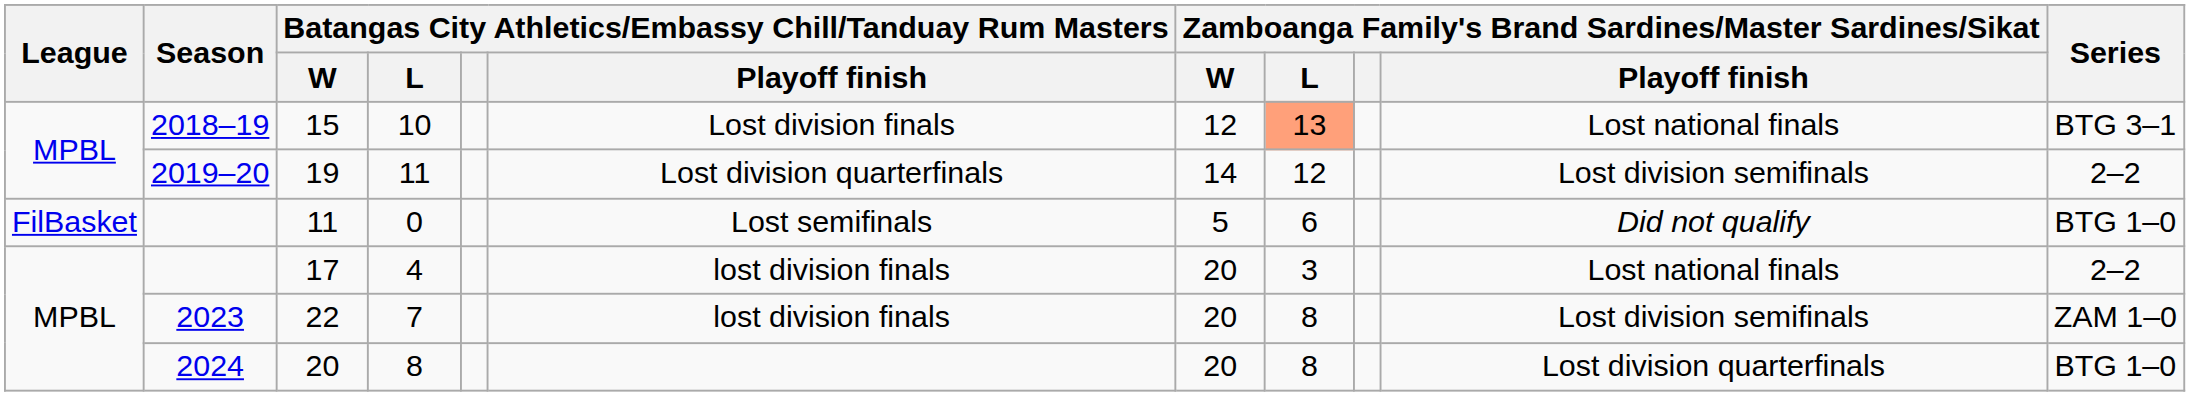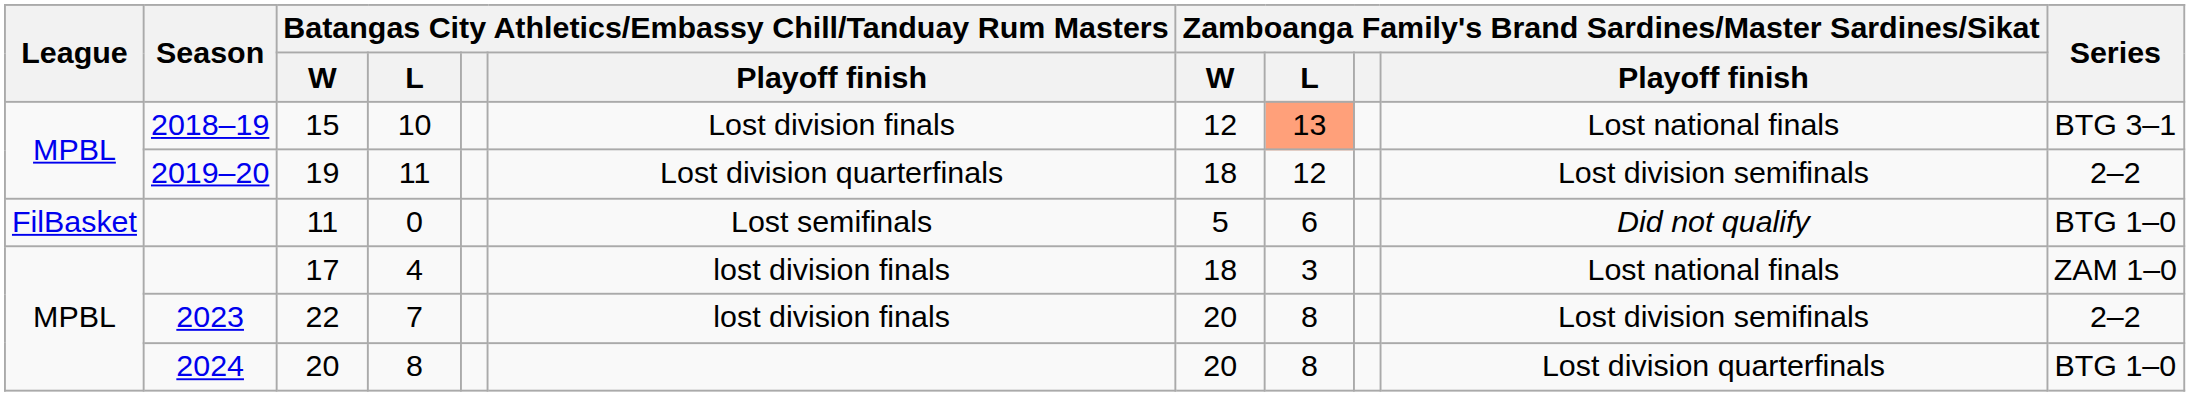 <table class="wikitable sortable" style="text-align:center">
 <tr>
 <th rowspan=2>League</th>
 <th rowspan=2>Season</th>
 <th colspan=4 class="unsortable">Batangas City Athletics/Embassy Chill/Tanduay Rum Masters</th>
 <th colspan=4 class="unsortable">Zamboanga Family's Brand Sardines/Master Sardines/Sikat</th>
 <th rowspan=2>Series</th>
 </tr>
 <tr>
 <th>W</th>
 <th>L</th>
 <th></th>
 <th class="unsortable">Playoff finish</th>
 <th>W</th>
 <th>L</th>
 <th></th>
 <th class="unsortable">Playoff finish</th>
 </tr>
 <tr>
 <td rowspan=2><a href='#'>MPBL</a></td>
 <td><a href='#'>2018–19</a></td>
 <td>15</td>
 <td>10</td>
 <td></td>
 <td>Lost division finals</td>
 <td>12</td>
 <td style="background: lightsalmon;">13</td>
 <td></td>
 <td>Lost national finals</td>
 <td>BTG 3–1</td>
 </tr>
 <tr>
 <td><a href='#'>2019–20</a></td>
 <td>19</td>
 <td>11</td>
 <td></td>
 <td>Lost division quarterfinals</td>
-<td>14</td>
+<td>18</td>
 <td>12</td>
 <td></td>
 <td>Lost division semifinals</td>
 <td>2–2</td>
 </tr>
 <tr>
 <td><a href='#'>FilBasket</a></td>
 <td></td>
 <td>11</td>
 <td>0</td>
 <td></td>
 <td>Lost semifinals</td>
 <td>5</td>
 <td>6</td>
 <td></td>
 <td><em>Did not qualify</em></td>
 <td>BTG 1–0</td>
 </tr>
 <tr>
 <td rowspan=3>MPBL</td>
 <td></td>
 <td>17</td>
 <td>4</td>
 <td></td>
 <td>lost division finals</td>
-<td>20</td>
+<td>18</td>
 <td>3</td>
 <td></td>
 <td>Lost national finals</td>
-<td>2–2</td>
+<td>ZAM 1–0</td>
 </tr>
 <tr>
 <td><a href='#'>2023</a></td>
 <td>22</td>
 <td>7</td>
 <td></td>
 <td>lost division finals</td>
 <td>20</td>
 <td>8</td>
 <td></td>
 <td>Lost division semifinals</td>
-<td>ZAM 1–0</td>
+<td>2–2</td>
 </tr>
 <tr>
 <td><a href='#'>2024</a></td>
 <td>20</td>
 <td>8</td>
 <td></td>
 <td></td>
 <td>20</td>
 <td>8</td>
 <td></td>
 <td>Lost division quarterfinals</td>
 <td>BTG 1–0</td>
 </tr>
 </table>
